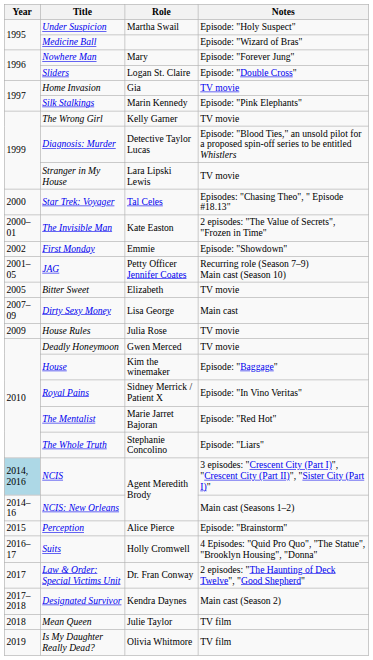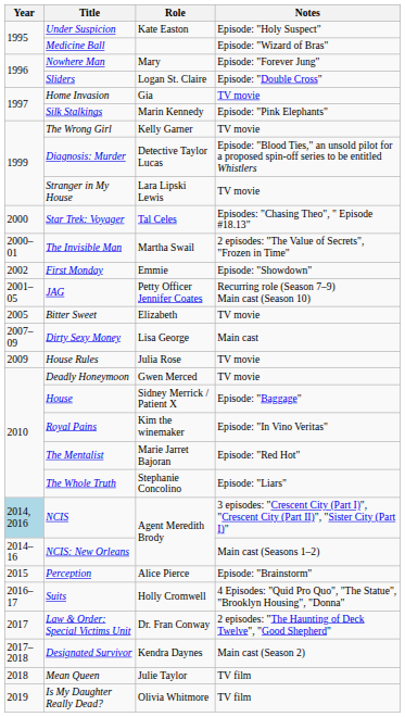 <table class="wikitable sortable">
 <tr>
 <th>Year</th>
 <th>Title</th>
 <th>Role</th>
 <th class="unsortable">Notes</th>
 </tr>
 <tr>
 <td rowspan=2>1995</td>
 <td><em><a href='#'>Under Suspicion</a></em></td>
-<td>Martha Swail</td>
+<td>Kate Easton</td>
 <td>Episode: "Holy Suspect"</td>
 </tr>
 <tr>
 <td><em><a href='#'>Medicine Ball</a></em></td>
 <td></td>
 <td>Episode: "Wizard of Bras"</td>
 </tr>
 <tr>
 <td rowspan=2>1996</td>
 <td><em><a href='#'>Nowhere Man</a></em></td>
 <td>Mary</td>
 <td>Episode: "Forever Jung"</td>
 </tr>
 <tr>
 <td><em><a href='#'>Sliders</a></em></td>
 <td>Logan St. Claire</td>
 <td>Episode: "<a href='#'>Double Cross</a>"</td>
 </tr>
 <tr>
 <td rowspan=2>1997</td>
 <td><em>Home Invasion</em></td>
 <td>Gia</td>
 <td><a href='#'>TV movie</a></td>
 </tr>
 <tr>
 <td><em><a href='#'>Silk Stalkings</a></em></td>
 <td>Marin Kennedy</td>
 <td>Episode: "Pink Elephants"</td>
 </tr>
 <tr>
 <td rowspan=3>1999</td>
 <td><em>The Wrong Girl</em></td>
 <td>Kelly Garner</td>
 <td>TV movie</td>
 </tr>
 <tr>
 <td><em><a href='#'>Diagnosis: Murder</a></em></td>
 <td>Detective Taylor Lucas</td>
 <td>Episode: "Blood Ties," an unsold pilot for a proposed spin-off series to be entitled <em>Whistlers</em></td>
 </tr>
 <tr>
 <td><em>Stranger in My House</em></td>
 <td>Lara Lipski Lewis</td>
 <td>TV movie</td>
 </tr>
 <tr>
 <td>2000</td>
 <td><em><a href='#'>Star Trek: Voyager</a></em></td>
 <td><a href='#'>Tal Celes</a></td>
 <td>Episodes: "Chasing Theo", " Episode #18.13"</td>
 </tr>
 <tr>
 <td>2000–01</td>
 <td><em><a href='#'>The Invisible Man</a></em></td>
-<td>Kate Easton</td>
+<td>Martha Swail</td>
 <td>2 episodes: "The Value of Secrets", "Frozen in Time"</td>
 </tr>
 <tr>
 <td>2002</td>
 <td><em><a href='#'>First Monday</a></em></td>
 <td>Emmie</td>
 <td>Episode: "Showdown"</td>
 </tr>
 <tr>
 <td>2001–05</td>
 <td><em><a href='#'>JAG</a></em></td>
 <td>Petty Officer <a href='#'>Jennifer Coates</a></td>
 <td>Recurring role (Season 7–9)<br>Main cast (Season 10)</td>
 </tr>
 <tr>
 <td>2005</td>
 <td><em>Bitter Sweet</em></td>
 <td>Elizabeth</td>
 <td>TV movie</td>
 </tr>
 <tr>
 <td>2007–09</td>
 <td><em><a href='#'>Dirty Sexy Money</a></em></td>
 <td>Lisa George</td>
 <td>Main cast</td>
 </tr>
 <tr>
 <td>2009</td>
 <td><em>House Rules</em></td>
 <td>Julia Rose</td>
 <td>TV movie</td>
 </tr>
 <tr>
 <td rowspan=5>2010</td>
 <td><em>Deadly Honeymoon</em></td>
 <td>Gwen Merced</td>
 <td>TV movie</td>
 </tr>
 <tr>
 <td><em><a href='#'>House</a></em></td>
-<td>Kim the winemaker</td>
+<td>Sidney Merrick / Patient X</td>
 <td>Episode: "<a href='#'>Baggage</a>"</td>
 </tr>
 <tr>
 <td><em><a href='#'>Royal Pains</a></em></td>
-<td>Sidney Merrick / Patient X</td>
+<td>Kim the winemaker</td>
 <td>Episode: "In Vino Veritas"</td>
 </tr>
 <tr>
 <td><em><a href='#'>The Mentalist</a></em></td>
 <td>Marie Jarret Bajoran</td>
 <td>Episode: "Red Hot"</td>
 </tr>
 <tr>
 <td><em><a href='#'>The Whole Truth</a></em></td>
 <td>Stephanie Concolino</td>
 <td>Episode: "Liars"</td>
 </tr>
 <tr>
 <td style="background: lightblue;">2014, 2016</td>
 <td><em><a href='#'>NCIS</a></em></td>
 <td rowspan="2">Agent Meredith Brody</td>
 <td>3 episodes: "<a href='#'>Crescent City (Part I)</a>", "<a href='#'>Crescent City (Part II)</a>", "<a href='#'>Sister City (Part I)</a>"</td>
 </tr>
 <tr>
 <td>2014–16</td>
 <td><em><a href='#'>NCIS: New Orleans</a></em></td>
 <td>Main cast (Seasons 1–2)</td>
 </tr>
 <tr>
 <td>2015</td>
 <td><em><a href='#'>Perception</a></em></td>
 <td>Alice Pierce</td>
 <td>Episode: "Brainstorm"</td>
 </tr>
 <tr>
 <td>2016–17</td>
 <td><em><a href='#'>Suits</a></em></td>
 <td>Holly Cromwell</td>
 <td>4 Episodes: "Quid Pro Quo", "The Statue", "Brooklyn Housing", "Donna"</td>
 </tr>
 <tr>
 <td>2017</td>
 <td><em><a href='#'>Law & Order: Special Victims Unit</a></em></td>
 <td>Dr. Fran Conway</td>
 <td>2 episodes: "<a href='#'>The Haunting of Deck Twelve</a>", "<a href='#'>Good Shepherd</a>"</td>
 </tr>
 <tr>
 <td>2017–2018</td>
 <td><em><a href='#'>Designated Survivor</a></em></td>
 <td>Kendra Daynes</td>
 <td>Main cast (Season 2)</td>
 </tr>
 <tr>
 <td>2018</td>
 <td><em>Mean Queen</em></td>
 <td>Julie Taylor</td>
 <td>TV film</td>
 </tr>
 <tr>
 <td>2019</td>
 <td><em>Is My Daughter Really Dead?</em></td>
 <td>Olivia Whitmore</td>
 <td>TV film</td>
 </tr>
 </table>
